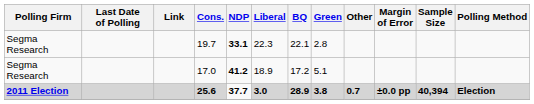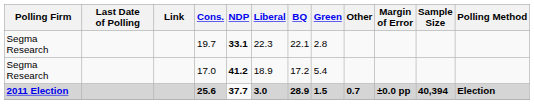 <table class="wikitable sortable">
 <tr style="background:#e9e9e9;">
 <th style="width:120px">Polling Firm</th>
 <th style="width:110px">Last Date<br>of Polling</th>
 <th style="width:60px" class="unsortable">Link</th>
 <th style="background-color:"><strong><a href='#'>Cons.</a></strong></th>
 <th style="background-color:"><strong><a href='#'>NDP</a></strong></th>
 <th style="background-color:"><strong><a href='#'>Liberal</a></strong></th>
 <th style="background-color:"><strong><a href='#'>BQ</a></strong></th>
 <th style="background-color:"><strong><a href='#'>Green</a></strong></th>
 <th style="background-color:"><strong>Other</strong></th>
 <th style="width:60px;" class=unsortable>Margin<br>of Error</th>
 <th style="width:50px;" class=unsortable>Sample<br>Size</th>
 <th class=unsortable>Polling Method</th>
 </tr>
 <tr>
 <td>Segma Research</td>
 <td></td>
 <td></td>
 <td>19.7</td>
 <td><strong>33.1</strong></td>
 <td>22.3</td>
 <td>22.1</td>
 <td>2.8</td>
 <td></td>
 <td></td>
 <td></td>
 <td></td>
 </tr>
 <tr>
 <td>Segma Research</td>
 <td></td>
 <td> </td>
 <td>17.0</td>
 <td><strong>41.2</strong></td>
 <td>18.9</td>
 <td>17.2</td>
-<td>5.1</td>
+<td>5.4</td>
 <td></td>
 <td></td>
 <td></td>
 <td></td>
 </tr>
 <tr>
 <td style="background:#D5D5D5"><strong><a href='#'>2011 Election</a></strong></td>
 <td style="background:#D5D5D5"><strong></strong></td>
 <td style="background:#D5D5D5"></td>
 <td style="background:#D5D5D5"><strong>25.6</strong></td>
 <td><strong>37.7</strong></td>
 <td style="background:#D5D5D5"><strong>3.0</strong></td>
 <td style="background:#D5D5D5"><strong>28.9</strong></td>
-<td style="background:#D5D5D5"><strong>3.8</strong></td>
+<td style="background:#D5D5D5"><strong>1.5</strong></td>
 <td style="background:#D5D5D5"><strong>0.7</strong></td>
 <td style="background:#D5D5D5"><strong>±0.0 pp</strong></td>
 <td style="background:#D5D5D5"><strong>40,394</strong></td>
 <td style="background:#D5D5D5"><strong>Election</strong></td>
 </tr>
 <tr>
 </tr>
 <tr>
 </tr>
 </table>
